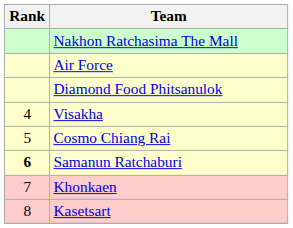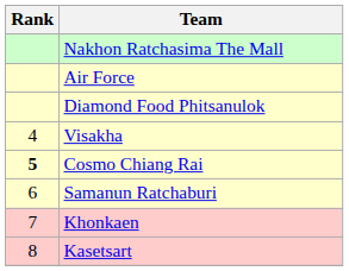 <table class="wikitable" style="text-align: center;">
 <tr>
 <th width=40>Rank</th>
 <th width=240>Team</th>
 </tr>
 <tr bgcolor=#ccffcc>
 <td></td>
 <td align=left><a href='#'>Nakhon Ratchasima The Mall</a></td>
 </tr>
 <tr bgcolor=#ffffcc>
 <td></td>
 <td align=left><a href='#'>Air Force</a></td>
 </tr>
 <tr bgcolor=#ffffcc>
 <td></td>
 <td align=left><a href='#'>Diamond Food Phitsanulok</a></td>
 </tr>
 <tr bgcolor=#ffffcc>
 <td>4</td>
 <td align=left><a href='#'>Visakha</a></td>
 </tr>
 <tr bgcolor=#ffffcc>
-<td>5</td>
+<td><strong>5</strong></td>
 <td align=left><a href='#'>Cosmo Chiang Rai</a></td>
 </tr>
 <tr bgcolor=#ffffcc>
-<td><strong>6</strong></td>
+<td>6</td>
 <td align=left><a href='#'>Samanun Ratchaburi</a></td>
 </tr>
 <tr bgcolor=#ffcccc>
 <td>7</td>
 <td align=left><a href='#'>Khonkaen</a></td>
 </tr>
 <tr bgcolor=#ffcccc>
 <td>8</td>
 <td align=left><a href='#'>Kasetsart</a></td>
 </tr>
 <tr>
 </tr>
 </table>
